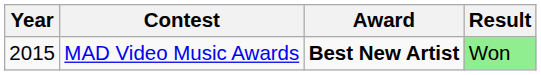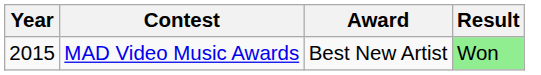 <table class="wikitable">
 <tr>
 <th>Year</th>
 <th>Contest</th>
 <th>Award</th>
 <th>Result</th>
 </tr>
 <tr>
 <td rowspan="3">2015</td>
 <td><a href='#'>MAD Video Music Awards</a></td>
-<td><strong>Best New Artist</strong></td>
+<td>Best New Artist</td>
 <td rowspan="3" style="background:lightgreen;">Won</td>
 </tr>
 </table>
